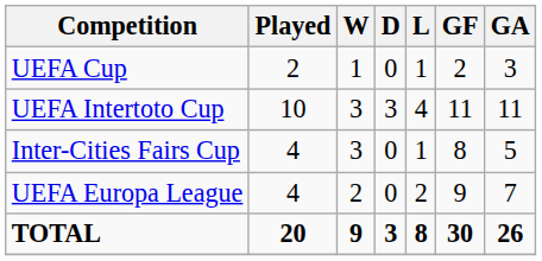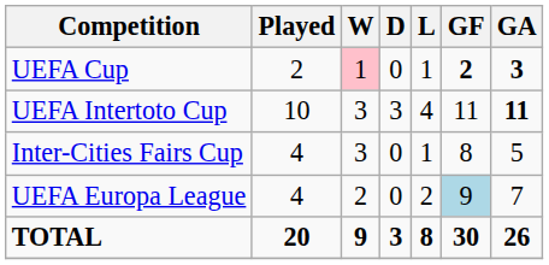 <table class="wikitable">
 <tr>
 <th>Competition</th>
 <th>Played</th>
 <th>W</th>
 <th>D</th>
 <th>L</th>
 <th>GF</th>
 <th>GA</th>
 </tr>
 <tr>
 <td><a href='#'>UEFA Cup</a></td>
 <td style="text-align:center;">2</td>
-<td style="text-align:center;">1</td>
+<td style="background: pink; text-align:center;">1</td>
 <td style="text-align:center;">0</td>
 <td style="text-align:center;">1</td>
-<td style="text-align:center;">2</td>
-<td style="text-align:center;">3</td>
+<td style="text-align:center;"><strong>2</strong></td>
+<td style="text-align:center;"><strong>3</strong></td>
 </tr>
 <tr>
 <td><a href='#'>UEFA Intertoto Cup</a></td>
 <td style="text-align:center;">10</td>
 <td style="text-align:center;">3</td>
 <td style="text-align:center;">3</td>
 <td style="text-align:center;">4</td>
 <td style="text-align:center;">11</td>
-<td style="text-align:center;">11</td>
+<td style="text-align:center;"><strong>11</strong></td>
 </tr>
 <tr>
 <td><a href='#'>Inter-Cities Fairs Cup</a></td>
 <td style="text-align:center;">4</td>
 <td style="text-align:center;">3</td>
 <td style="text-align:center;">0</td>
 <td style="text-align:center;">1</td>
 <td style="text-align:center;">8</td>
 <td style="text-align:center;">5</td>
 </tr>
 <tr>
 <td><a href='#'>UEFA Europa League</a></td>
 <td style="text-align:center;">4</td>
 <td style="text-align:center;">2</td>
 <td style="text-align:center;">0</td>
 <td style="text-align:center;">2</td>
-<td style="text-align:center;">9</td>
+<td style="background: lightblue; text-align:center;">9</td>
 <td style="text-align:center;">7</td>
 </tr>
 <tr>
 <td><strong>TOTAL</strong></td>
 <td style="text-align:center;"><strong>20</strong></td>
 <td style="text-align:center;"><strong>9</strong></td>
 <td style="text-align:center;"><strong>3</strong></td>
 <td style="text-align:center;"><strong>8</strong></td>
 <td style="text-align:center;"><strong>30</strong></td>
 <td style="text-align:center;"><strong>26</strong></td>
 </tr>
 <tr>
 </tr>
 </table>
